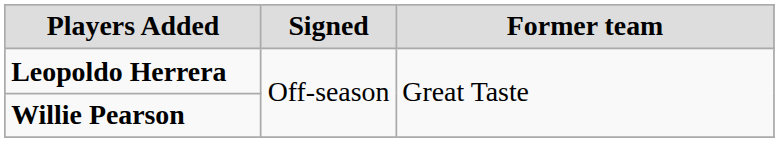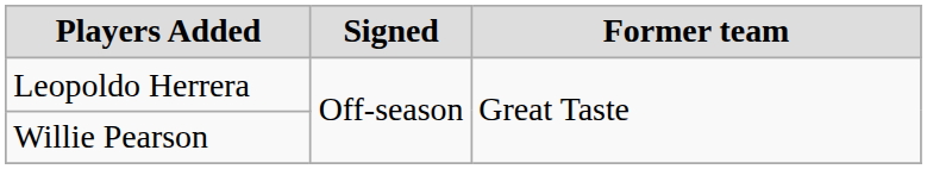 <table class="wikitable sortable sortable">
 <tr align="center" bgcolor="#dddddd">
 <td style="width:140px"><strong>Players Added</strong></td>
 <td style="width:70px"><strong>Signed</strong></td>
 <td style="width:210px"><strong>Former team</strong></td>
 </tr>
 <tr>
-<td><strong>Leopoldo Herrera</strong></td>
+<td>Leopoldo Herrera</td>
 <td rowspan="2">Off-season</td>
 <td rowspan="2">Great Taste</td>
 </tr>
 <tr>
-<td><strong>Willie Pearson</strong></td>
+<td>Willie Pearson</td>
 </tr>
 </table>
